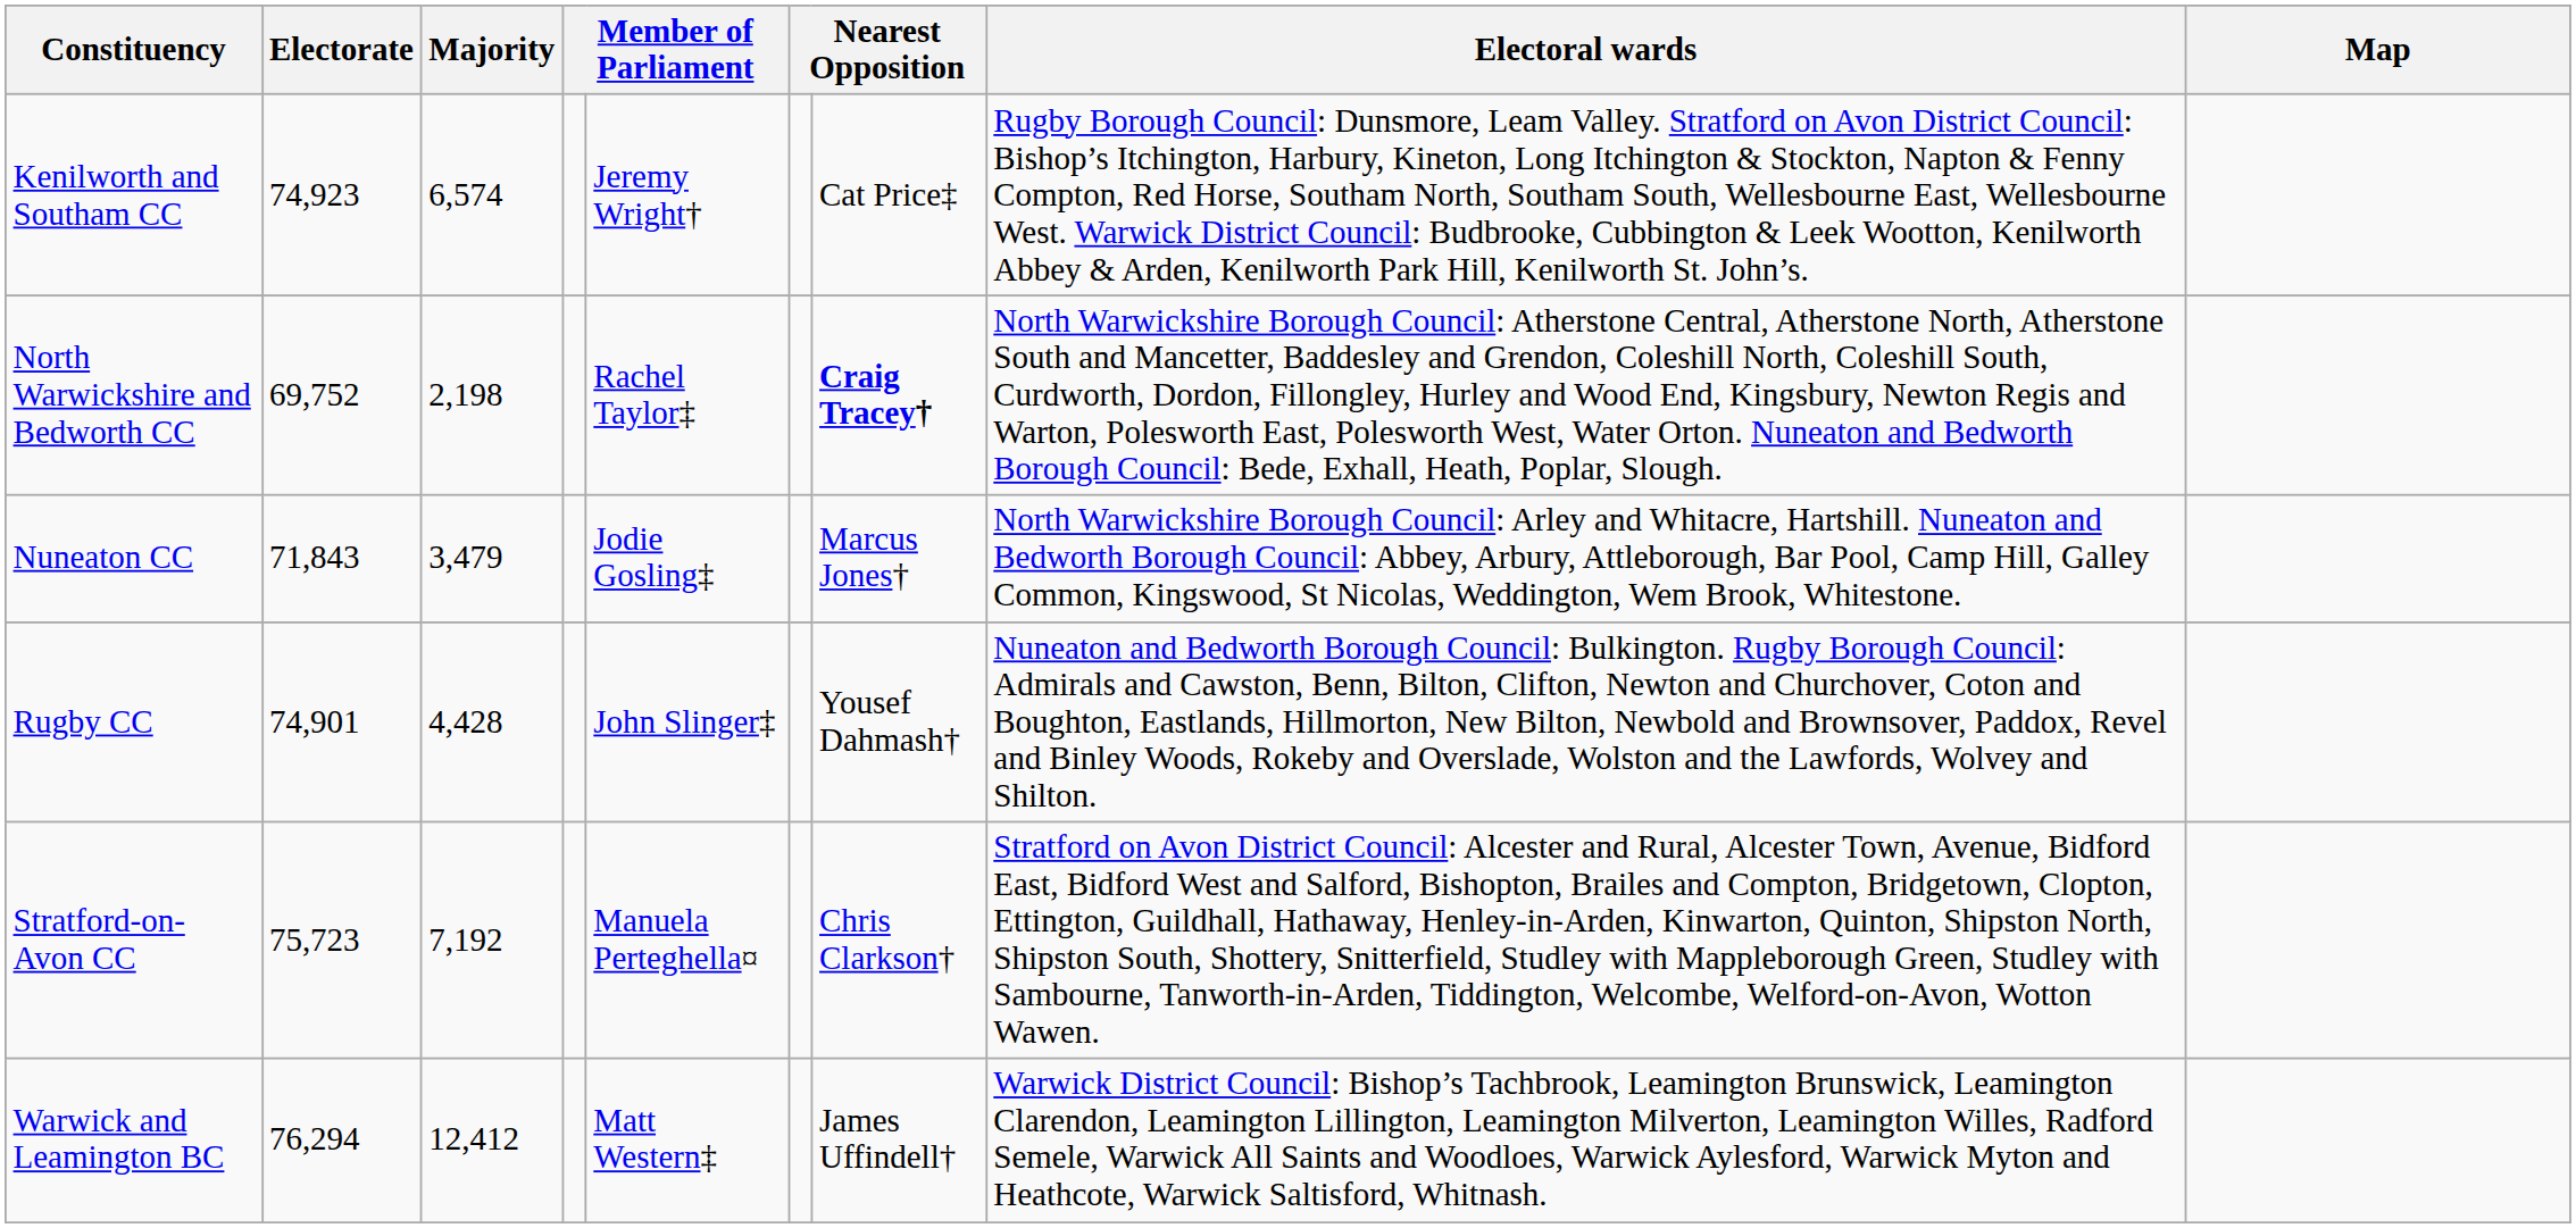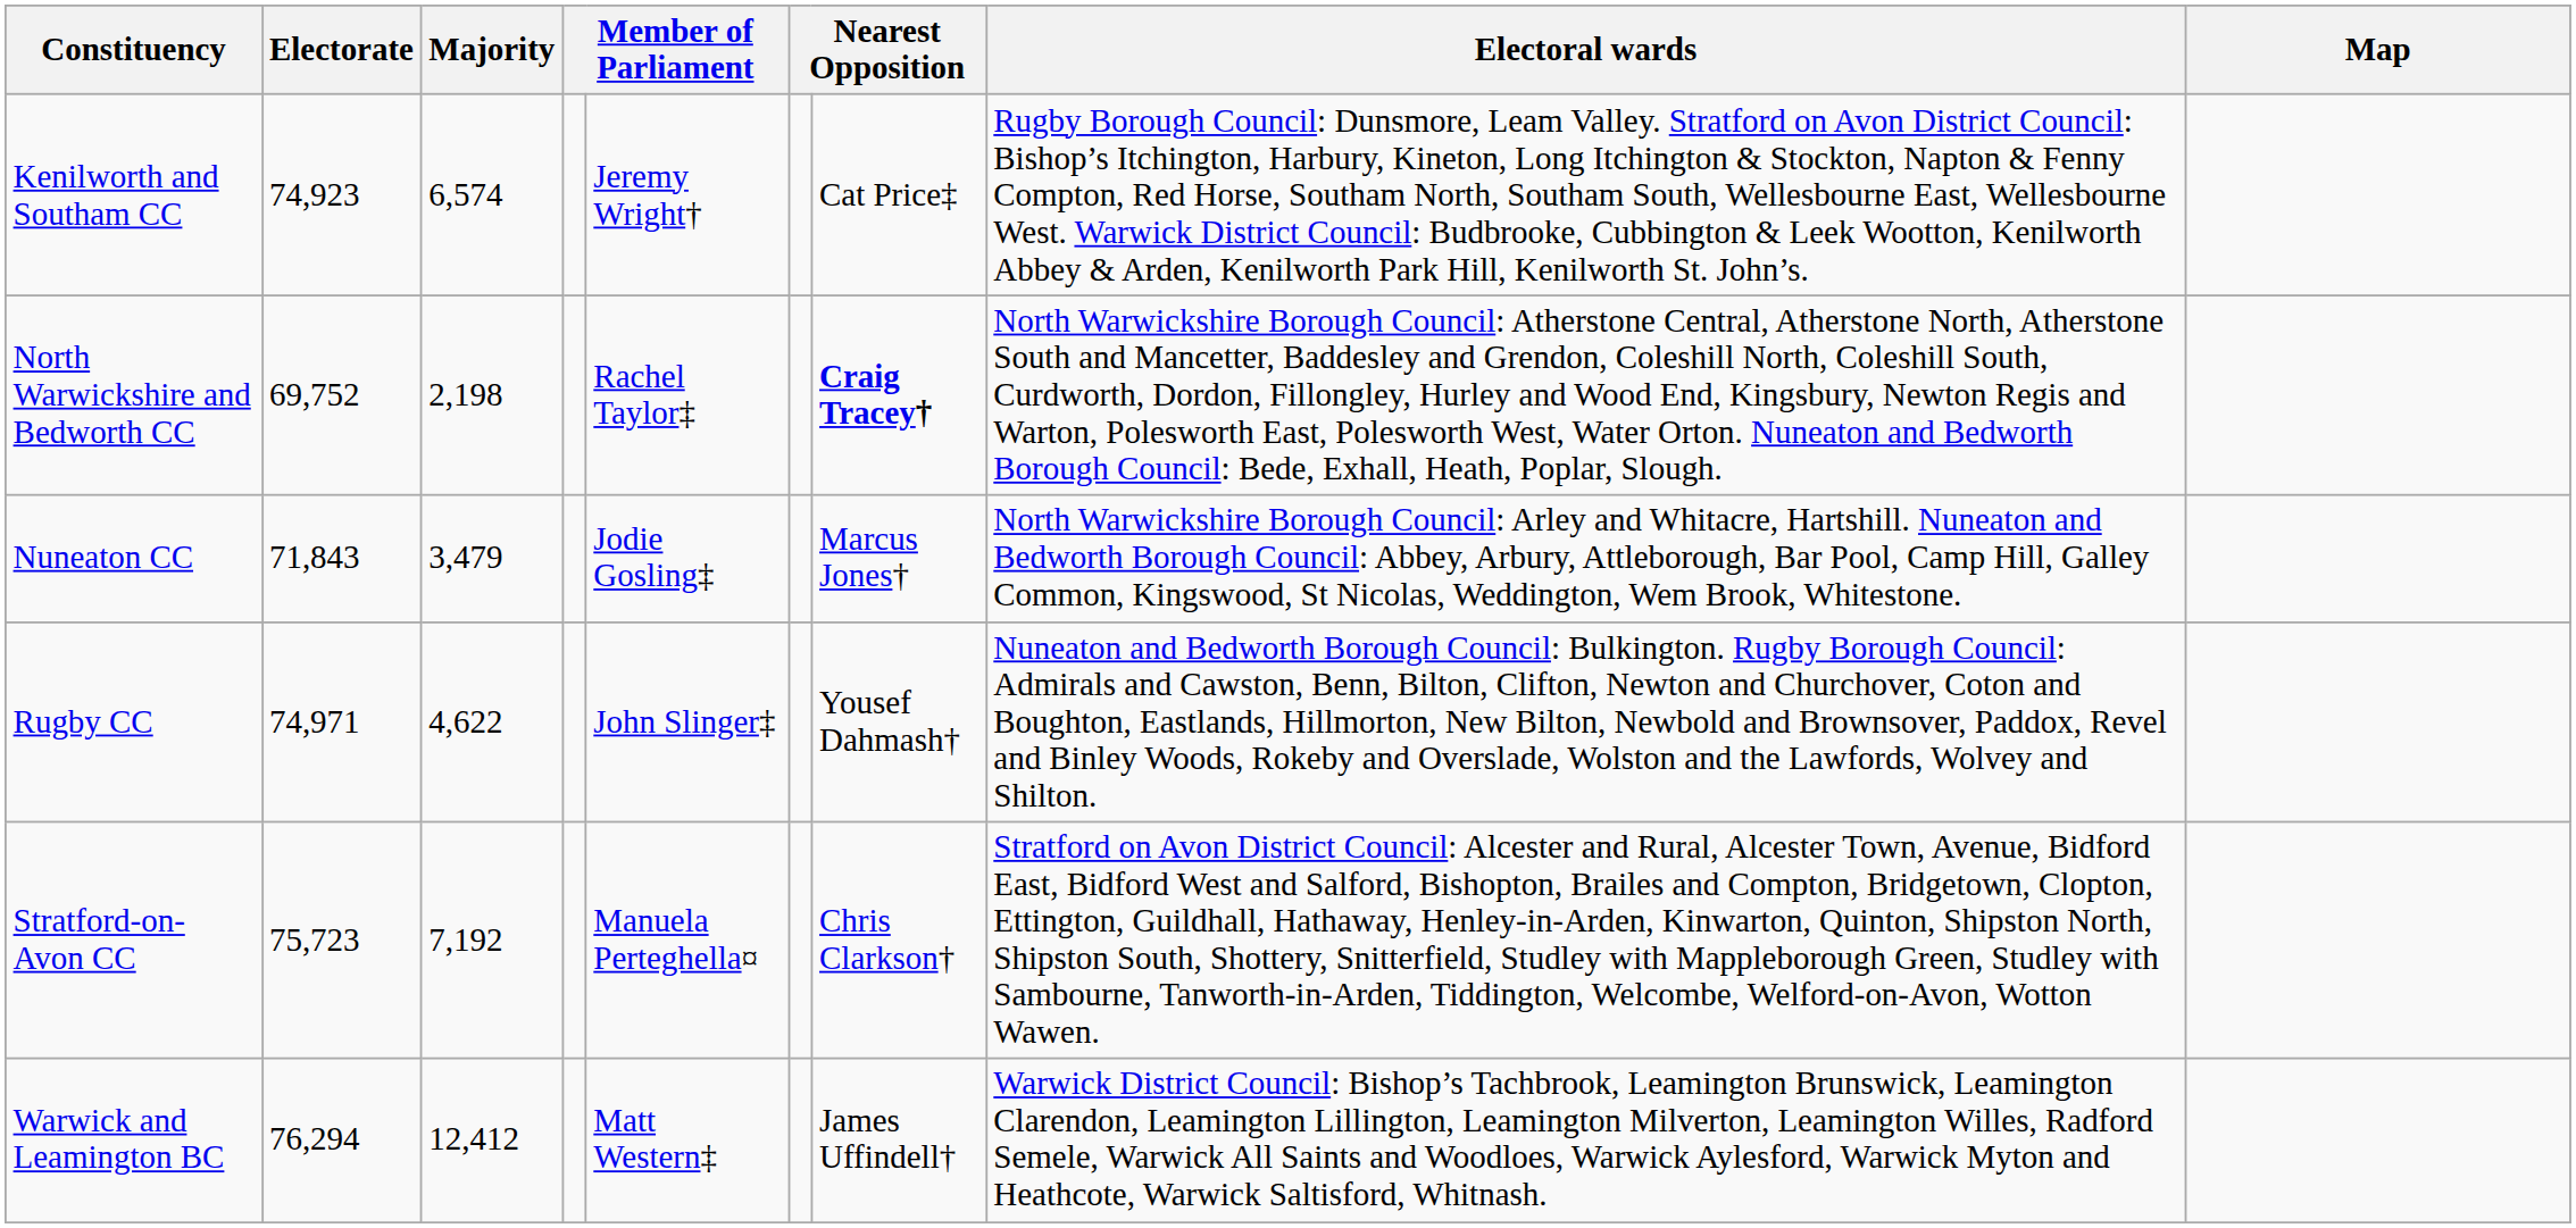 <table class="wikitable sortable">
 <tr>
 <th rowspan=1>Constituency</th>
 <th rowspan=1>Electorate</th>
 <th rowspan=1>Majority</th>
 <th colspan=2 class=unsortable><a href='#'>Member of Parliament</a></th>
 <th colspan=2 class=unsortable>Nearest Opposition</th>
 <th rowspan=1 class=unsortable>Electoral wards</th>
 <th rowspan=1 class="unsortable" style="width:15%;">Map</th>
 </tr>
 <tr>
 <td><a href='#'>Kenilworth and Southam CC</a></td>
 <td>74,923</td>
 <td>6,574</td>
 <td style="color:inherit;background:"> </td>
 <td><a href='#'>Jeremy Wright</a>†</td>
 <td style="color:inherit;background:"> </td>
 <td>Cat Price‡</td>
 <td><a href='#'>Rugby Borough Council</a>: Dunsmore, Leam Valley. <a href='#'>Stratford on Avon District Council</a>: Bishop’s Itchington, Harbury, Kineton, Long Itchington & Stockton, Napton & Fenny Compton, Red Horse, Southam North, Southam South, Wellesbourne East, Wellesbourne West. <a href='#'>Warwick District Council</a>: Budbrooke, Cubbington & Leek Wootton, Kenilworth Abbey & Arden, Kenilworth Park Hill, Kenilworth St. John’s.</td>
 <td></td>
 </tr>
 <tr>
 <td><a href='#'>North Warwickshire and Bedworth CC</a></td>
 <td>69,752</td>
 <td>2,198</td>
 <td style="color:inherit;background:"> </td>
 <td><a href='#'>Rachel Taylor</a>‡</td>
 <td style="color:inherit;background:"> </td>
 <td><strong><a href='#'>Craig Tracey</a>†</strong></td>
 <td><a href='#'>North Warwickshire Borough Council</a>: Atherstone Central, Atherstone North, Atherstone South and Mancetter, Baddesley and Grendon, Coleshill North, Coleshill South, Curdworth, Dordon, Fillongley, Hurley and Wood End, Kingsbury, Newton Regis and Warton, Polesworth East, Polesworth West, Water Orton. <a href='#'>Nuneaton and Bedworth Borough Council</a>: Bede, Exhall, Heath, Poplar, Slough.</td>
 <td></td>
 </tr>
 <tr>
 <td><a href='#'>Nuneaton CC</a></td>
 <td>71,843</td>
 <td>3,479</td>
 <td style="color:inherit;background:"> </td>
 <td><a href='#'>Jodie Gosling</a>‡</td>
 <td style="color:inherit;background:"> </td>
 <td><a href='#'>Marcus Jones</a>†</td>
 <td><a href='#'>North Warwickshire Borough Council</a>: Arley and Whitacre, Hartshill. <a href='#'>Nuneaton and Bedworth Borough Council</a>: Abbey, Arbury, Attleborough, Bar Pool, Camp Hill, Galley Common, Kingswood, St Nicolas, Weddington, Wem Brook, Whitestone.</td>
 <td></td>
 </tr>
 <tr>
 <td><a href='#'>Rugby CC</a></td>
-<td>74,901</td>
-<td>4,428</td>
+<td>74,971</td>
+<td>4,622</td>
 <td style="color:inherit;background:"> </td>
 <td><a href='#'>John Slinger</a>‡</td>
 <td style="color:inherit;background:"> </td>
 <td>Yousef Dahmash†</td>
 <td><a href='#'>Nuneaton and Bedworth Borough Council</a>: Bulkington. <a href='#'>Rugby Borough Council</a>: Admirals and Cawston, Benn, Bilton, Clifton, Newton and Churchover, Coton and Boughton, Eastlands, Hillmorton, New Bilton, Newbold and Brownsover, Paddox, Revel and Binley Woods, Rokeby and Overslade, Wolston and the Lawfords, Wolvey and Shilton.</td>
 <td></td>
 </tr>
 <tr>
 <td><a href='#'>Stratford-on-Avon CC</a></td>
 <td>75,723</td>
 <td>7,192</td>
 <td style="color:inherit;background:"> </td>
 <td><a href='#'>Manuela Perteghella</a>¤</td>
 <td style="color:inherit;background:"> </td>
 <td><a href='#'>Chris Clarkson</a>†</td>
 <td><a href='#'>Stratford on Avon District Council</a>: Alcester and Rural, Alcester Town, Avenue, Bidford East, Bidford West and Salford, Bishopton, Brailes and Compton, Bridgetown, Clopton, Ettington, Guildhall, Hathaway, Henley-in-Arden, Kinwarton, Quinton, Shipston North, Shipston South, Shottery, Snitterfield, Studley with Mappleborough Green, Studley with Sambourne, Tanworth-in-Arden, Tiddington, Welcombe, Welford-on-Avon, Wotton Wawen.</td>
 <td></td>
 </tr>
 <tr>
 <td><a href='#'>Warwick and Leamington BC</a></td>
 <td>76,294</td>
 <td>12,412</td>
 <td style="color:inherit;background:"> </td>
 <td><a href='#'>Matt Western</a>‡</td>
 <td style="color:inherit;background:"> </td>
 <td>James Uffindell†</td>
 <td><a href='#'>Warwick District Council</a>: Bishop’s Tachbrook, Leamington Brunswick, Leamington Clarendon, Leamington Lillington, Leamington Milverton, Leamington Willes, Radford Semele, Warwick All Saints and Woodloes, Warwick Aylesford, Warwick Myton and Heathcote, Warwick Saltisford, Whitnash.</td>
 <td></td>
 </tr>
 <tr>
 </tr>
 </table>
